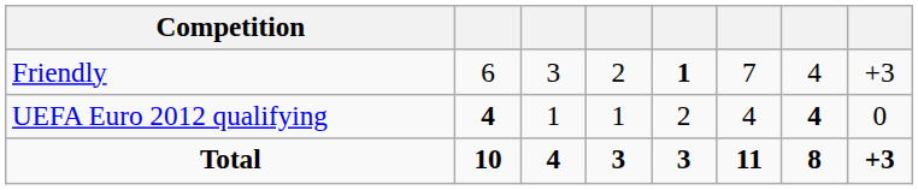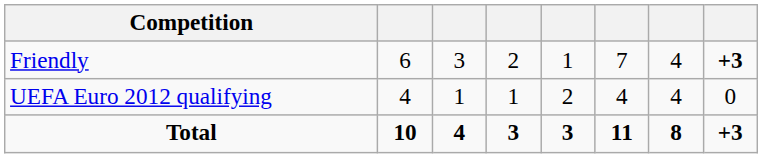 <table class="wikitable" style="text-align: center;">
 <tr>
 <th width=250>Competition</th>
 <th width=30></th>
 <th width=30></th>
 <th width=30></th>
 <th width=30></th>
 <th width=30></th>
 <th width=30></th>
 <th width=30></th>
 </tr>
 <tr>
 <td align=left><a href='#'>Friendly</a></td>
 <td>6</td>
 <td>3</td>
 <td>2</td>
-<td><strong>1</strong></td>
+<td>1</td>
 <td>7</td>
 <td>4</td>
-<td>+3</td>
+<td><strong>+3</strong></td>
 </tr>
 <tr>
 <td align=left><a href='#'>UEFA Euro 2012 qualifying</a></td>
-<td><strong>4</strong></td>
+<td>4</td>
 <td>1</td>
 <td>1</td>
 <td>2</td>
 <td>4</td>
-<td><strong>4</strong></td>
+<td>4</td>
 <td>0</td>
 </tr>
 <tr>
 <td><strong>Total</strong></td>
 <td><strong>10</strong></td>
 <td><strong>4</strong></td>
 <td><strong>3</strong></td>
 <td><strong>3</strong></td>
 <td><strong>11</strong></td>
 <td><strong>8</strong></td>
 <td><strong>+3</strong></td>
 </tr>
 </table>
